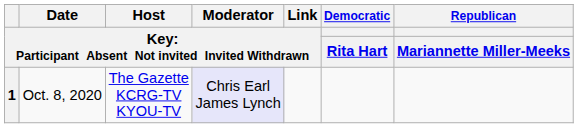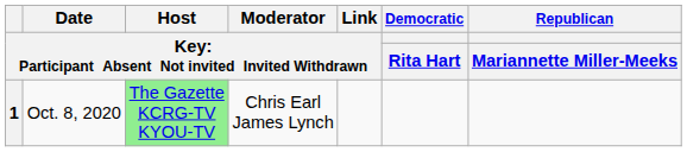 <table class="wikitable" style="text-align:center;">
 <tr>
 <th scope="col"></th>
 <th scope="col">Date</th>
 <th scope="col">Host</th>
 <th scope="col">Moderator</th>
 <th scope="col">Link</th>
 <th scope="col"><small><a href='#'>Democratic</a></small></th>
 <th scope="col"><small><a href='#'>Republican</a></small></th>
 </tr>
 <tr>
 <th colspan="5" rowspan="2">Key:<br> <small>Participant </small>  <small>Absent </small>  <small>Not invited </small>  <small>Invited  Withdrawn</small></th>
 <th scope="col" style="background:"></th>
 <th scope="col" style="background:"></th>
 </tr>
 <tr>
 <th scope="col"><a href='#'>Rita Hart</a></th>
 <th scope="col"><a href='#'>Mariannette Miller-Meeks</a></th>
 </tr>
 <tr>
 <th>1</th>
 <td style="white-space:nowrap;">Oct. 8, 2020</td>
-<td style="white-space:nowrap;"><a href='#'>The Gazette</a><br><a href='#'>KCRG-TV</a><br><a href='#'>KYOU-TV</a></td>
-<td style="background: lavender; white-space:nowrap;">Chris Earl<br>James Lynch</td>
+<td style="background: lightgreen; white-space:nowrap;"><a href='#'>The Gazette</a><br><a href='#'>KCRG-TV</a><br><a href='#'>KYOU-TV</a></td>
+<td style="white-space:nowrap;">Chris Earl<br>James Lynch</td>
 <td style="white-space:nowrap;"></td>
 <td></td>
 <td></td>
 </tr>
 </table>
